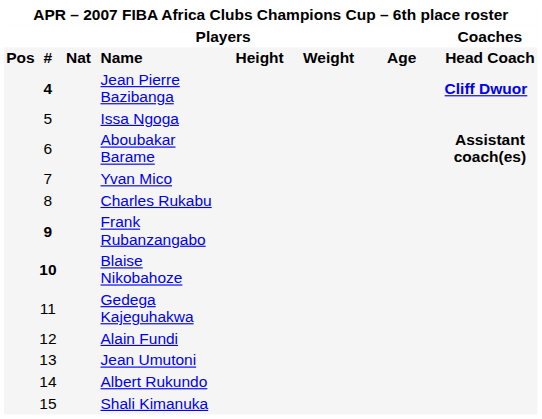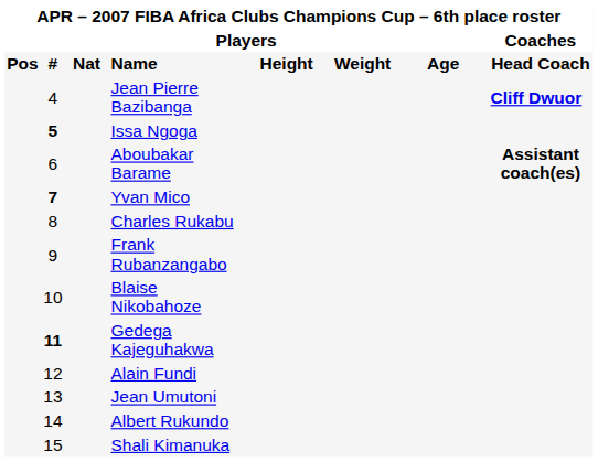 <table border=0 cellpadding=2 cellspacing=0  |- bgcolor=#f5f5f5 style="text-align:center; font-size:85%;" width=75%>
 <tr>
 <td colspan="8" style="background: white; color: black"><strong>APR – 2007 FIBA Africa Clubs Champions Cup – 6th place roster</strong></td>
 </tr>
 <tr>
 <td colspan="7" style="background: white; color: black"><strong>Players</strong></td>
 <td style="background: white; color: black"><strong>Coaches</strong></td>
 </tr>
 <tr style="background=#f5f5f5; color: black">
 <th width=5px>Pos</th>
 <th width=5px>#</th>
 <th width=50px>Nat</th>
 <th width=135px align=left>Name</th>
 <th width=100px>Height</th>
 <th width=70px>Weight</th>
 <th width=160px>Age</th>
 <th width=115px>Head Coach</th>
 </tr>
 <tr>
 <td></td>
-<td><strong>4</strong></td>
+<td>4</td>
 <td></td>
 <td align=left><a href='#'>Jean Pierre Bazibanga</a></td>
 <td></td>
 <td></td>
 <td><span></span></td>
 <td align=left><strong> <a href='#'>Cliff Dwuor</a></strong></td>
 </tr>
 <tr>
 <td></td>
-<td>5</td>
+<td><strong>5</strong></td>
 <td></td>
 <td align=left><a href='#'>Issa Ngoga</a></td>
 <td></td>
 <td></td>
 <td><span></span></td>
 </tr>
 <tr>
 <td></td>
 <td>6</td>
 <td></td>
 <td align=left><a href='#'>Aboubakar Barame</a></td>
 <td></td>
 <td></td>
 <td><span></span></td>
 <td><strong>Assistant coach(es)</strong></td>
 </tr>
 <tr>
 <td></td>
-<td>7</td>
+<td><strong>7</strong></td>
 <td></td>
 <td align=left><a href='#'>Yvan Mico</a></td>
 <td></td>
 <td></td>
 <td><span></span></td>
 <td align=left></td>
 </tr>
 <tr>
 <td></td>
 <td>8</td>
 <td></td>
 <td align=left><a href='#'>Charles Rukabu</a></td>
 <td></td>
 <td></td>
 <td><span></span></td>
 <td align=left></td>
 </tr>
 <tr>
 <td></td>
-<td><strong>9</strong></td>
+<td>9</td>
 <td></td>
 <td align=left><a href='#'>Frank Rubanzangabo</a></td>
 <td></td>
 <td></td>
 <td><span></span></td>
 </tr>
 <tr>
 <td></td>
-<td><strong>10</strong></td>
+<td>10</td>
 <td></td>
 <td align=left><a href='#'>Blaise Nikobahoze</a></td>
 <td></td>
 <td></td>
 <td><span></span></td>
 </tr>
 <tr>
 <td></td>
-<td>11</td>
+<td><strong>11</strong></td>
 <td></td>
 <td align=left><a href='#'>Gedega Kajeguhakwa</a></td>
 <td></td>
 <td></td>
 <td><span></span></td>
 </tr>
 <tr>
 <td></td>
 <td>12</td>
 <td></td>
 <td align=left><a href='#'>Alain Fundi</a></td>
 <td></td>
 <td></td>
 <td><span></span></td>
 </tr>
 <tr>
 <td></td>
 <td>13</td>
 <td></td>
 <td align=left><a href='#'>Jean Umutoni</a></td>
 <td></td>
 <td></td>
 <td><span></span></td>
 </tr>
 <tr>
 <td></td>
 <td>14</td>
 <td></td>
 <td align=left><a href='#'>Albert Rukundo</a></td>
 <td></td>
 <td></td>
 <td><span></span></td>
 </tr>
 <tr>
 <td></td>
 <td>15</td>
 <td></td>
 <td align=left><a href='#'>Shali Kimanuka</a></td>
 <td></td>
 <td></td>
 <td><span></span></td>
 </tr>
 </table>
